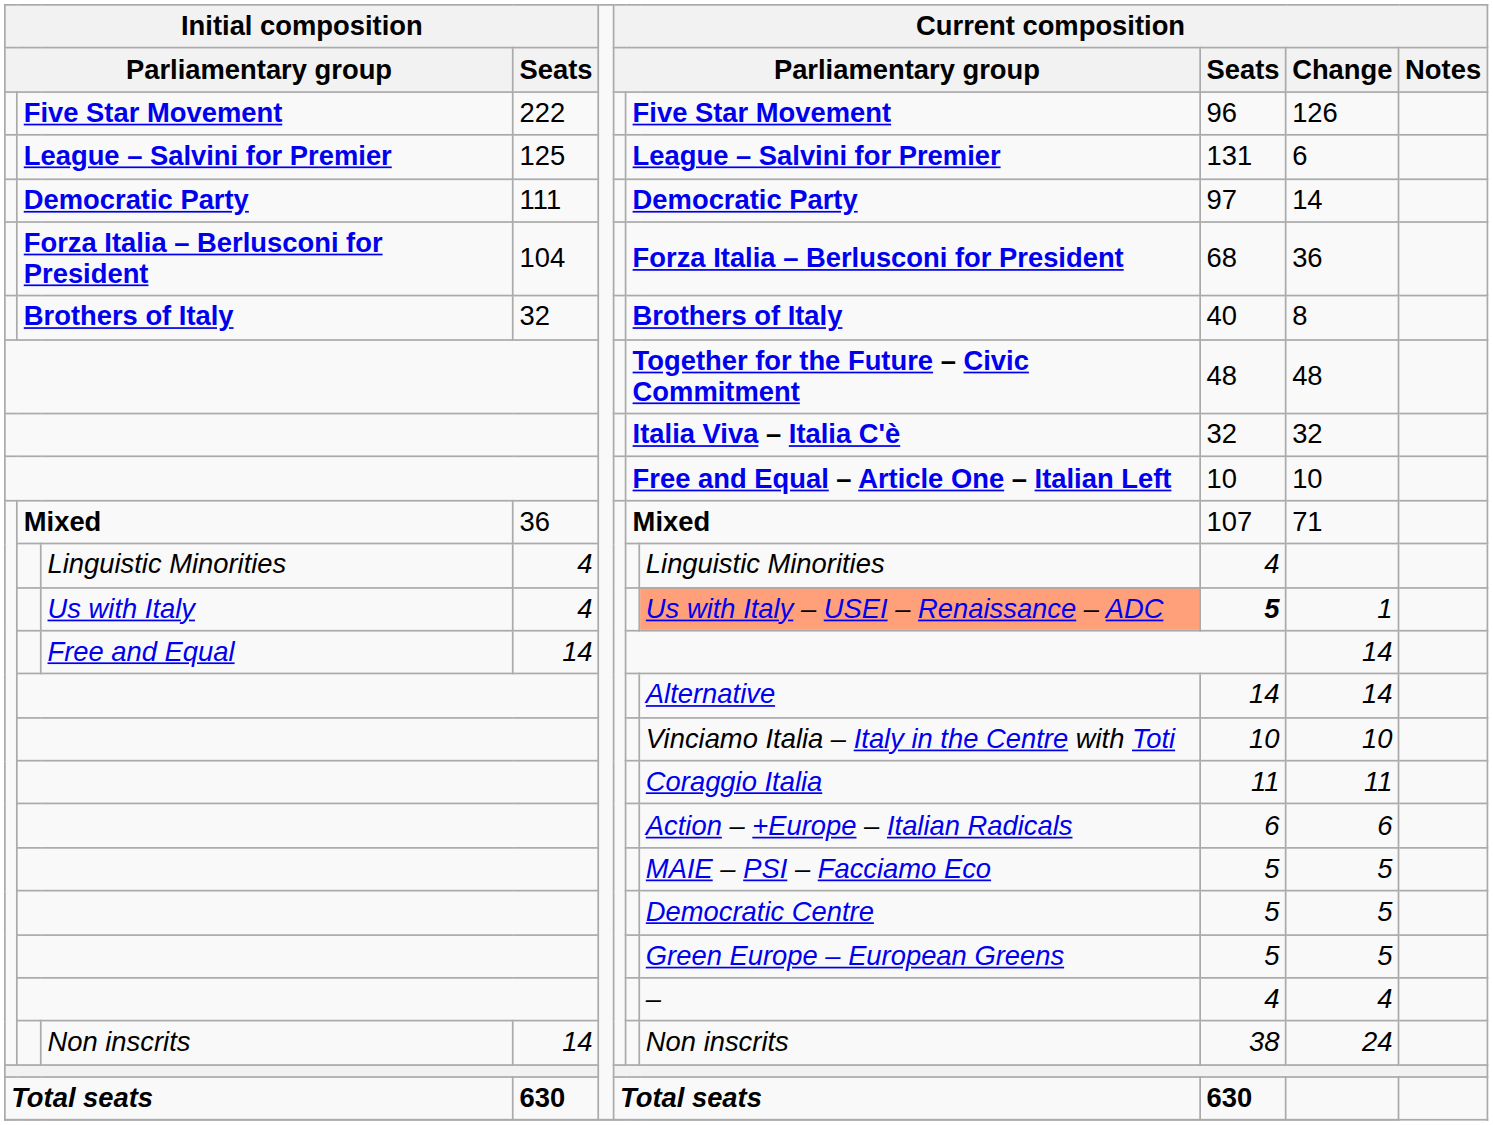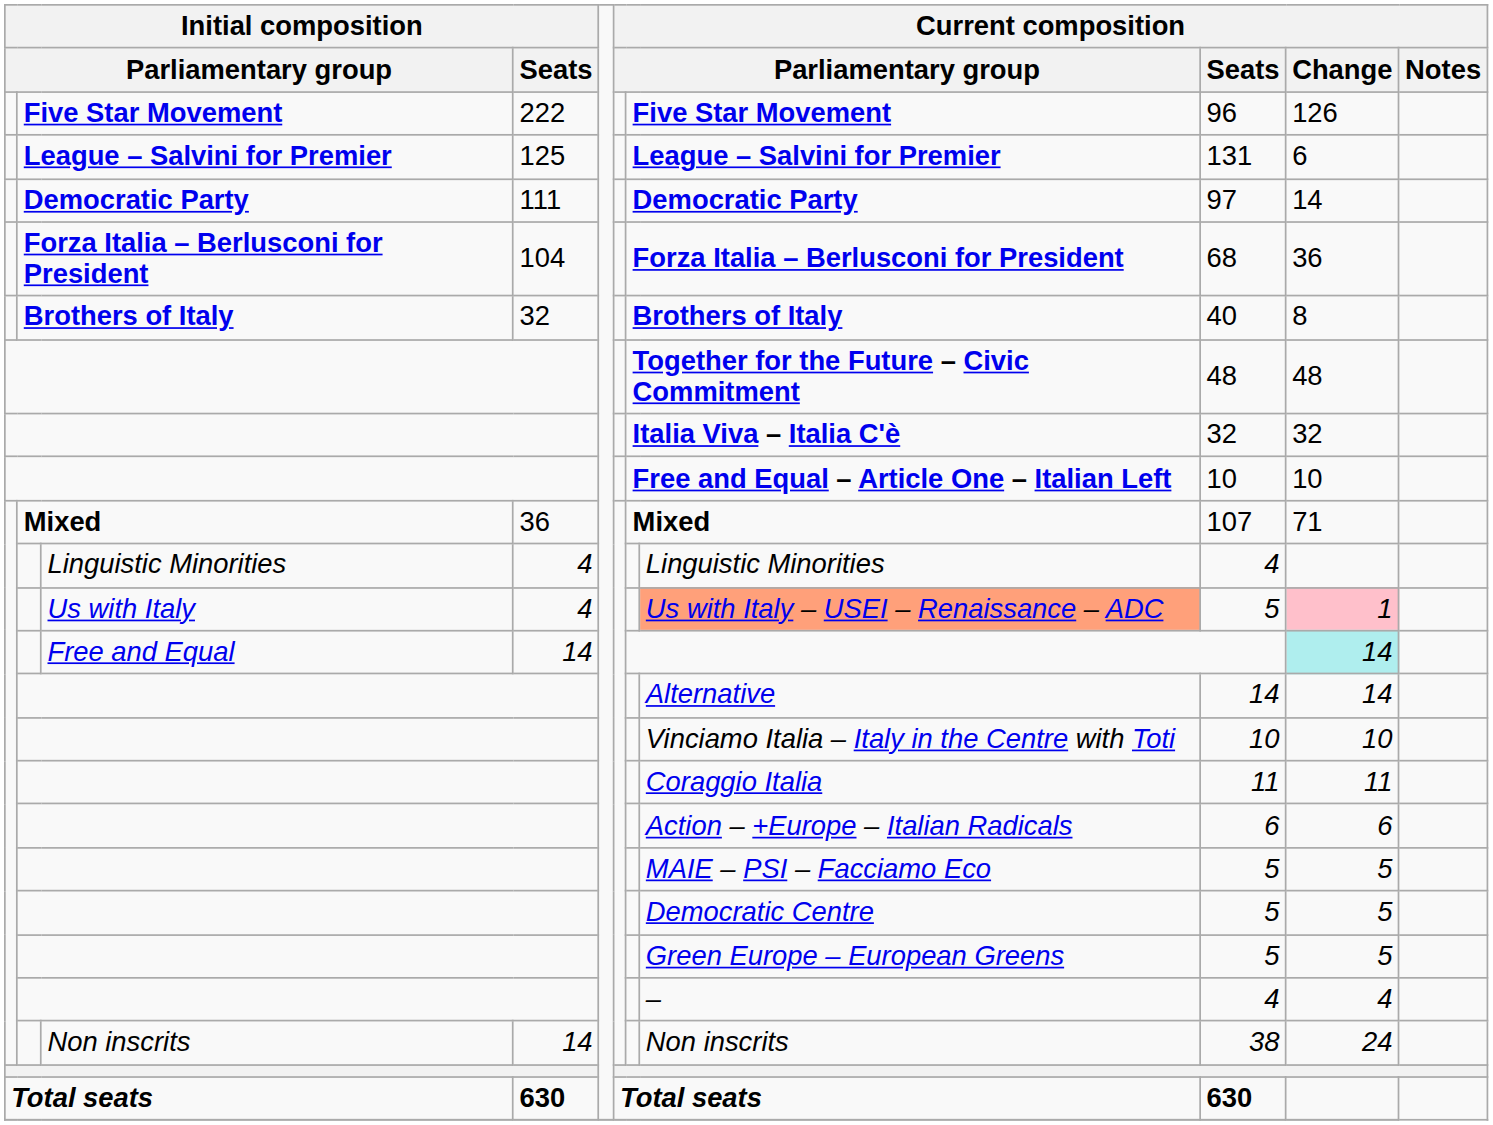 <table class="wikitable">
 <tr>
 <th colspan="4">Initial composition</th>
 <td rowspan="25" style="width : 1%;"></td>
 <th colspan="7">Current composition</th>
 </tr>
 <tr>
 <th colspan="3">Parliamentary group</th>
 <th>Seats</th>
 <th colspan="3">Parliamentary group</th>
 <th>Seats</th>
 <th>Change</th>
 <th>Notes</th>
 </tr>
 <tr>
 <td></td>
 <td colspan = "2"><strong><a href='#'>Five Star Movement</a></strong></td>
 <td>222</td>
 <td></td>
 <td colspan = "2"><strong><a href='#'>Five Star Movement</a></strong></td>
 <td>96</td>
 <td> 126</td>
 <td></td>
 </tr>
 <tr>
 <td></td>
 <td colspan = "2"><strong><a href='#'>League – Salvini for Premier</a></strong></td>
 <td>125</td>
 <td></td>
 <td colspan = "2"><strong><a href='#'>League – Salvini for Premier</a></strong></td>
 <td>131</td>
 <td> 6</td>
 <td></td>
 </tr>
 <tr>
 <td></td>
 <td colspan = "2"><strong><a href='#'>Democratic Party</a></strong></td>
 <td>111</td>
 <td></td>
 <td colspan = "2"><strong><a href='#'>Democratic Party</a></strong></td>
 <td>97</td>
 <td> 14</td>
 <td></td>
 </tr>
 <tr>
 <td></td>
 <td colspan = "2"><strong><a href='#'>Forza Italia – Berlusconi for President</a></strong></td>
 <td>104</td>
 <td></td>
 <td colspan = "2"><strong><a href='#'>Forza Italia – Berlusconi for President</a></strong></td>
 <td>68</td>
 <td> 36</td>
 <td></td>
 </tr>
 <tr>
 <td></td>
 <td colspan = "2"><strong><a href='#'>Brothers of Italy</a></strong></td>
 <td>32</td>
 <td></td>
 <td colspan = "2"><strong><a href='#'>Brothers of Italy</a></strong></td>
 <td>40</td>
 <td> 8</td>
 <td></td>
 </tr>
 <tr>
 <td colspan="4"></td>
 <td></td>
 <td colspan = "2"><strong><a href='#'>Together for the Future</a> – <a href='#'>Civic Commitment</a></strong></td>
 <td>48</td>
 <td> 48</td>
 <td></td>
 </tr>
 <tr>
 <td colspan="4"></td>
 <td></td>
 <td colspan = "2"><strong><a href='#'>Italia Viva</a> – <a href='#'>Italia C'è</a></strong></td>
 <td>32</td>
 <td> 32</td>
 <td></td>
 </tr>
 <tr>
 <td colspan="4"></td>
 <td></td>
 <td colspan = "2"><strong><a href='#'>Free and Equal</a> – <a href='#'>Article One</a> – <a href='#'>Italian Left</a></strong></td>
 <td>10</td>
 <td> 10</td>
 <td></td>
 </tr>
 <tr>
 <td rowspan=13></td>
 <td colspan = "2"><strong>Mixed</strong></td>
 <td>36</td>
 <td rowspan=13></td>
 <td colspan = "2"><strong>Mixed</strong></td>
 <td>107</td>
 <td> 71</td>
 <td></td>
 </tr>
 <tr>
 <td></td>
 <td><em>Linguistic Minorities</em></td>
 <td align="right"><em>4</em></td>
 <td></td>
 <td><em>Linguistic Minorities</em></td>
 <td align="right"><em>4</em></td>
 <td align="right"></td>
 <td></td>
 </tr>
 <tr>
 <td></td>
 <td><em><a href='#'>Us with Italy</a></em></td>
 <td align="right"><em>4</em></td>
 <td></td>
 <td style="background: lightsalmon;"><em><a href='#'>Us with Italy</a> – <a href='#'>USEI</a> – <a href='#'>Renaissance</a> – <a href='#'>ADC</a></em></td>
-<td align="right"><strong><em>5</em></strong></td>
-<td align="right"> <em>1</em></td>
+<td align="right"><em>5</em></td>
+<td align="right" style="background: pink;"> <em>1</em></td>
 <td></td>
 </tr>
 <tr>
 <td></td>
 <td><em><a href='#'>Free and Equal</a></em></td>
 <td align="right"><em>14</em></td>
 <td colspan="3"></td>
-<td align="right"> <em>14</em></td>
+<td align="right" style="background: paleturquoise;"> <em>14</em></td>
 <td></td>
 </tr>
 <tr>
 <td colspan="3"></td>
 <td></td>
 <td><em><a href='#'>Alternative</a></em></td>
 <td align="right"><em>14</em></td>
 <td align="right"> <em>14</em></td>
 <td></td>
 </tr>
 <tr>
 <td colspan="3"></td>
 <td></td>
 <td><em>Vinciamo Italia – <a href='#'>Italy in the Centre</a> with <a href='#'>Toti</a></em></td>
 <td align="right"><em>10</em></td>
 <td align="right"> <em>10</em></td>
 <td></td>
 </tr>
 <tr>
 <td colspan="3"></td>
 <td></td>
 <td><em><a href='#'>Coraggio Italia</a></em></td>
 <td align="right"><em>11</em></td>
 <td align="right"> <em>11</em></td>
 <td></td>
 </tr>
 <tr>
 <td colspan="3"></td>
 <td></td>
 <td><em><a href='#'>Action</a> – <a href='#'>+Europe</a> – <a href='#'>Italian Radicals</a></em></td>
 <td align="right"><em>6</em></td>
 <td align="right"> <em>6</em></td>
 <td></td>
 </tr>
 <tr>
 <td colspan="3"></td>
 <td></td>
 <td><em><a href='#'>MAIE</a> – <a href='#'>PSI</a> – <a href='#'>Facciamo Eco</a></em></td>
 <td align="right"><em>5</em></td>
 <td align="right"> <em>5</em></td>
 <td></td>
 </tr>
 <tr>
 <td colspan="3"></td>
 <td></td>
 <td><em><a href='#'>Democratic Centre</a></em></td>
 <td align="right"><em>5</em></td>
 <td align="right"> <em>5</em></td>
 <td></td>
 </tr>
 <tr>
 <td colspan="3"></td>
 <td></td>
 <td><em><a href='#'>Green Europe – European Greens</a></em></td>
 <td align="right"><em>5</em></td>
 <td align="right"> <em>5</em></td>
 <td></td>
 </tr>
 <tr>
 <td colspan="3"></td>
 <td></td>
 <td><em> – </em></td>
 <td align="right"><em>4</em></td>
 <td align="right"> <em>4</em></td>
 <td></td>
 </tr>
 <tr>
 <td></td>
 <td><em>Non inscrits</em></td>
 <td align="right"><em>14</em></td>
 <td></td>
 <td><em>Non inscrits</em></td>
 <td align="right"><em>38</em></td>
 <td align="right"> <em>24</em></td>
 <td></td>
 </tr>
 <tr>
 <th colspan="4"></th>
 <th colspan="6"></th>
 </tr>
 <tr>
 <td colspan="3"><strong><em>Total seats</em></strong></td>
 <td><strong>630</strong></td>
 <td colspan="3"><strong><em>Total seats</em></strong></td>
 <td><strong>630</strong></td>
 <td></td>
 </tr>
 <tr>
 </tr>
 </table>
